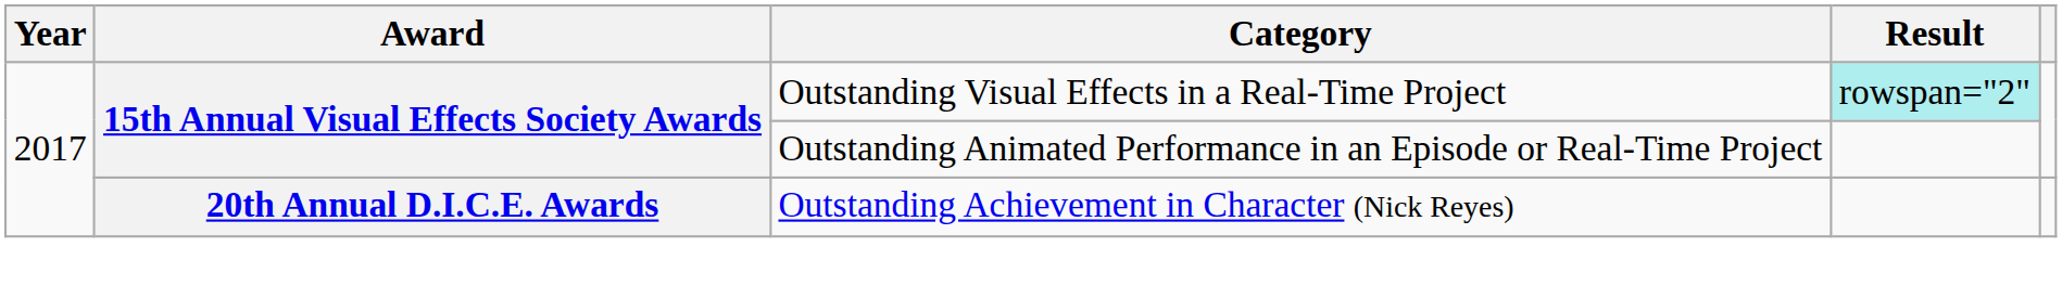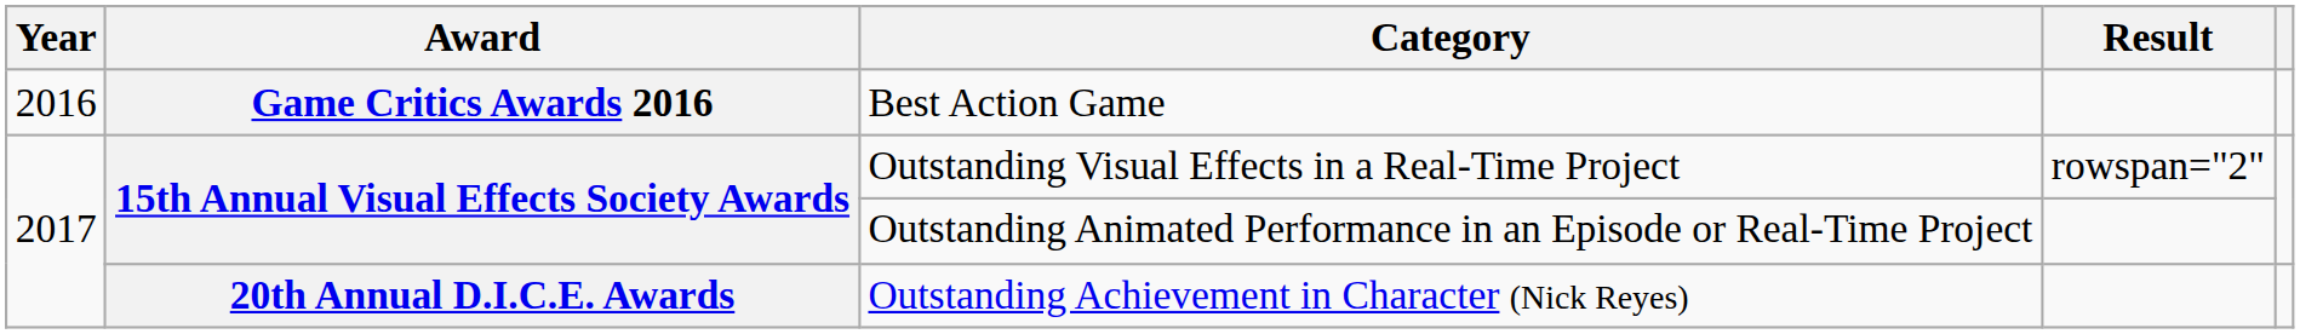 <table class="wikitable sortable plainrowheaders">
 <tr>
 <th scope="col">Year</th>
 <th scope="col">Award</th>
 <th scope="col">Category</th>
 <th scope="col">Result</th>
 <th scope="col" class="unsortable"></th>
 </tr>
 <tr>
+<td style="text-align:center;">2016</td>
+<th scope="row"><a href='#'>Game Critics Awards</a> 2016</th>
+<td>Best Action Game</td>
+<td></td>
+<td></td>
+</tr>
+<tr>
 <td style="text-align:center;" rowspan="3">2017</td>
 <th scope="row" rowspan="2"><a href='#'>15th Annual Visual Effects Society Awards</a></th>
 <td>Outstanding Visual Effects in a Real-Time Project</td>
-<td style="background: paleturquoise;">rowspan="2" </td>
+<td>rowspan="2" </td>
 <td rowspan="2"></td>
 </tr>
 <tr>
 <td>Outstanding Animated Performance in an Episode or Real-Time Project</td>
 </tr>
 <tr>
 <th scope="row"><a href='#'>20th Annual D.I.C.E. Awards</a></th>
 <td><a href='#'>Outstanding Achievement in Character</a> <small>(Nick Reyes)</small></td>
 <td></td>
 <td></td>
 </tr>
 </table>
